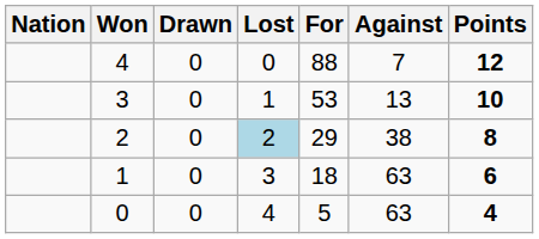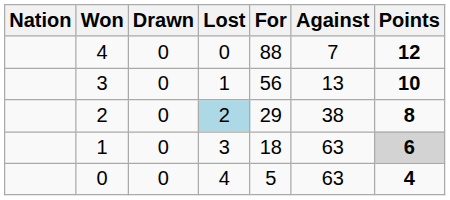 <table class="wikitable" style="text-align: center;">
 <tr>
 <th>Nation</th>
 <th>Won</th>
 <th>Drawn</th>
 <th>Lost</th>
 <th>For</th>
 <th>Against</th>
 <th>Points</th>
 </tr>
 <tr>
 <td align="left"></td>
 <td>4</td>
 <td>0</td>
 <td>0</td>
 <td>88</td>
 <td>7</td>
 <td><strong>12</strong></td>
 </tr>
 <tr>
 <td align="left"></td>
 <td>3</td>
 <td>0</td>
 <td>1</td>
-<td>53</td>
+<td>56</td>
 <td>13</td>
 <td><strong>10</strong></td>
 </tr>
 <tr>
 <td align="left"></td>
 <td>2</td>
 <td>0</td>
 <td style="background: lightblue;">2</td>
 <td>29</td>
 <td>38</td>
 <td><strong>8</strong></td>
 </tr>
 <tr>
 <td align="left"></td>
 <td>1</td>
 <td>0</td>
 <td>3</td>
 <td>18</td>
 <td>63</td>
-<td><strong>6</strong></td>
+<td style="background: lightgrey;"><strong>6</strong></td>
 </tr>
 <tr>
 <td align="left"></td>
 <td>0</td>
 <td>0</td>
 <td>4</td>
 <td>5</td>
 <td>63</td>
 <td><strong>4</strong></td>
 </tr>
 </table>
